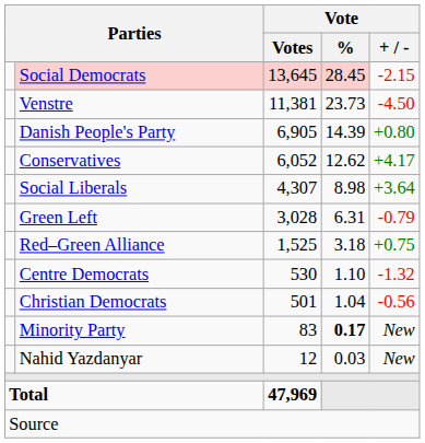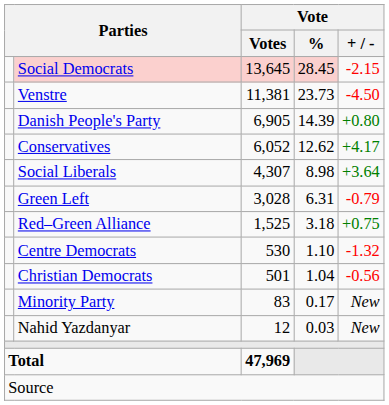 <table class="wikitable" style="text-align:right;">
 <tr>
 <th style="text-align:centre;" rowspan="2" colspan="2" width="225">Parties</th>
 <th colspan="3">Vote</th>
 </tr>
 <tr>
 <th width="15">Votes</th>
 <th width="15">%</th>
 <th width="15">+ / -</th>
 </tr>
 <tr>
 <td width="2" style="color:inherit;background:"></td>
 <td bgcolor=#fbd0ce  align="left"><a href='#'>Social Democrats</a></td>
 <td bgcolor=#fbd0ce>13,645</td>
 <td bgcolor=#fbd0ce>28.45</td>
 <td style=color:red;>-2.15</td>
 </tr>
 <tr>
 <td width="2" style="color:inherit;background:"></td>
 <td align="left"><a href='#'>Venstre</a></td>
 <td>11,381</td>
 <td>23.73</td>
 <td style=color:red;>-4.50</td>
 </tr>
 <tr>
 <td width="2" style="color:inherit;background:"></td>
 <td align="left"><a href='#'>Danish People's Party</a></td>
 <td>6,905</td>
 <td>14.39</td>
 <td style=color:green;>+0.80</td>
 </tr>
 <tr>
 <td width="2" style="color:inherit;background:"></td>
 <td align="left"><a href='#'>Conservatives</a></td>
 <td>6,052</td>
 <td>12.62</td>
 <td style=color:green;>+4.17</td>
 </tr>
 <tr>
 <td width="2" style="color:inherit;background:"></td>
 <td align="left"><a href='#'>Social Liberals</a></td>
 <td>4,307</td>
 <td>8.98</td>
 <td style=color:green;>+3.64</td>
 </tr>
 <tr>
 <td width="2" style="color:inherit;background:"></td>
 <td align="left"><a href='#'>Green Left</a></td>
 <td>3,028</td>
 <td>6.31</td>
 <td style=color:red;>-0.79</td>
 </tr>
 <tr>
 <td width="2" style="color:inherit;background:"></td>
 <td align="left"><a href='#'>Red–Green Alliance</a></td>
 <td>1,525</td>
 <td>3.18</td>
 <td style=color:green;>+0.75</td>
 </tr>
 <tr>
 <td width="2" style="color:inherit;background:"></td>
 <td align="left"><a href='#'>Centre Democrats</a></td>
 <td>530</td>
 <td>1.10</td>
 <td style=color:red;>-1.32</td>
 </tr>
 <tr>
 <td width="2" style="color:inherit;background:"></td>
 <td align="left"><a href='#'>Christian Democrats</a></td>
 <td>501</td>
 <td>1.04</td>
 <td style=color:red;>-0.56</td>
 </tr>
 <tr>
 <td width="2" style="color:inherit;background:"></td>
 <td align="left"><a href='#'>Minority Party</a></td>
 <td>83</td>
-<td><strong>0.17</strong></td>
+<td>0.17</td>
 <td><em>New</em></td>
 </tr>
 <tr>
 <td width="2" style="color:inherit;background:"></td>
 <td align="left">Nahid Yazdanyar</td>
 <td>12</td>
 <td>0.03</td>
 <td><em>New</em></td>
 </tr>
 <tr>
 <td colspan="7" bgcolor="#E9E9E9"></td>
 </tr>
 <tr>
 <td align="left" colspan="2"><strong>Total</strong></td>
 <td><strong>47,969</strong></td>
 <td bgcolor="#E9E9E9" colspan="2"></td>
 </tr>
 <tr>
 <td align="left" colspan="6">Source</td>
 </tr>
 </table>
